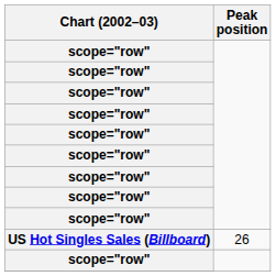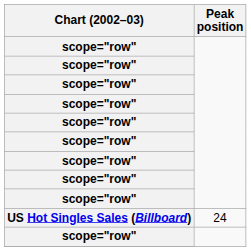 <table class="wikitable plainrowheaders sortable" style="text-align:left;" style="text-align:center">
 <tr>
 <th scope="col">Chart (2002–03)</th>
 <th scope="col">Peak<br>position</th>
 </tr>
 <tr>
 <th>scope="row" </th>
 </tr>
 <tr>
 <th>scope="row" </th>
 </tr>
 <tr>
 <th>scope="row" </th>
 </tr>
 <tr>
 <th>scope="row"</th>
 </tr>
 <tr>
 <th>scope="row" </th>
 </tr>
 <tr>
 <th>scope="row"</th>
 </tr>
 <tr>
 <th>scope="row" </th>
 </tr>
 <tr>
 <th>scope="row" </th>
 </tr>
 <tr>
 <th>scope="row" </th>
 </tr>
 <tr>
 <th scope="row">US <a href='#'>Hot Singles Sales</a> (<em><a href='#'>Billboard</a></em>)</th>
-<td style="text-align:center;">26</td>
+<td style="text-align:center;">24</td>
 </tr>
 <tr>
 <th>scope="row" </th>
 </tr>
 <tr>
 </tr>
 </table>
